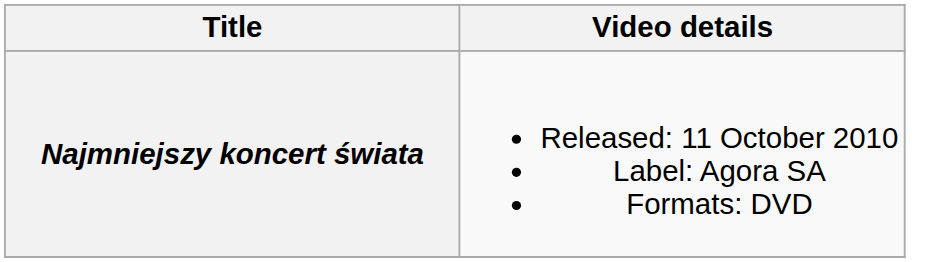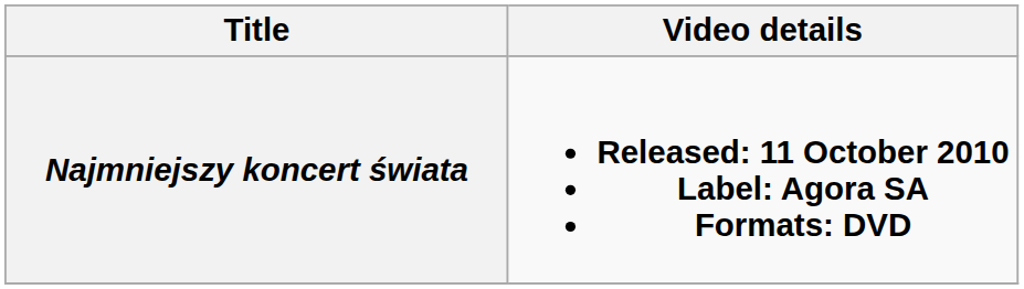 <table class="wikitable plainrowheaders" style="text-align:center;">
 <tr>
 <th scope="col" style="width:15em;">Title</th>
 <th scope="col">Video details</th>
 </tr>
 <tr>
 <th scope="row"><em>Najmniejszy koncert świata</em></th>
-<td><br><ul><li>Released: 11 October 2010</li><li>Label: Agora SA</li><li>Formats: DVD</li></ul></td>
+<td><strong><br><ul><li>Released: 11 October 2010</li><li>Label: Agora SA</li><li>Formats: DVD</li></ul></strong></td>
 </tr>
 <tr>
 </tr>
 </table>
